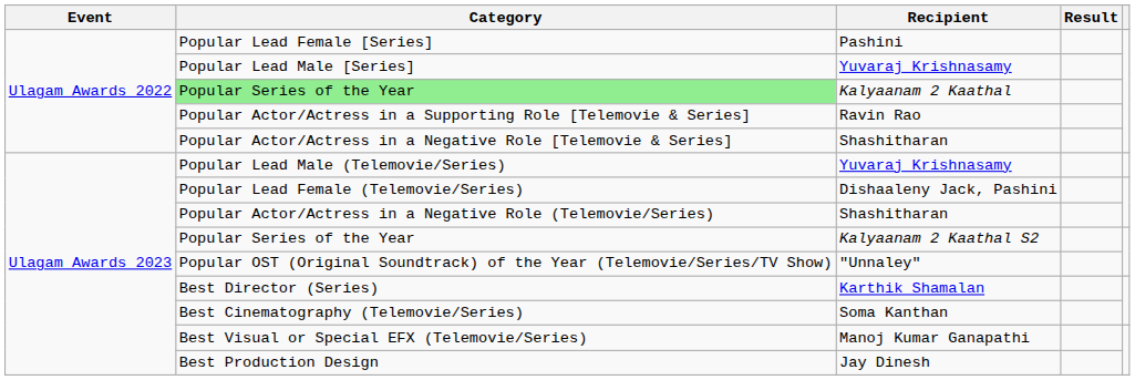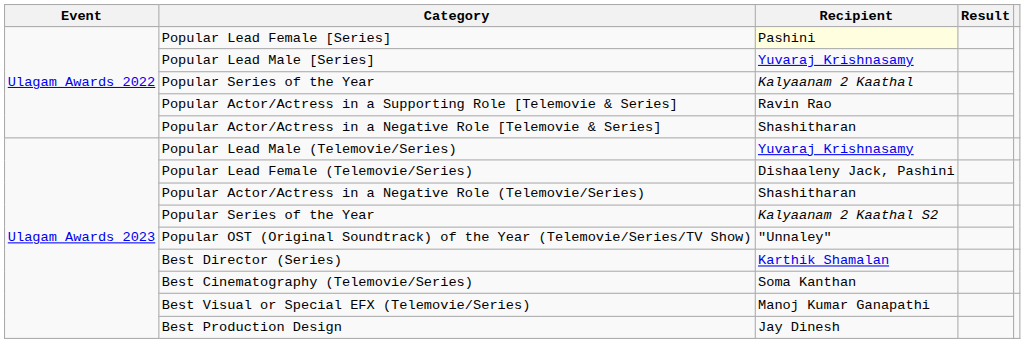 <table class="wikitable">
 <tr>
 <th>Event</th>
 <th>Category</th>
 <th>Recipient</th>
 <th>Result</th>
 <th></th>
 </tr>
 <tr>
 <td rowspan="5"><a href='#'>Ulagam Awards 2022</a></td>
 <td>Popular Lead Female [Series]</td>
-<td>Pashini</td>
+<td style="background: lightyellow;">Pashini</td>
 <td></td>
 <td rowspan="5"></td>
 </tr>
 <tr>
 <td>Popular Lead Male [Series]</td>
 <td><a href='#'>Yuvaraj Krishnasamy</a></td>
 <td></td>
 </tr>
 <tr>
-<td style="background: lightgreen;">Popular Series of the Year</td>
+<td>Popular Series of the Year</td>
 <td><em>Kalyaanam 2 Kaathal</em></td>
 <td></td>
 </tr>
 <tr>
 <td>Popular Actor/Actress in a Supporting Role [Telemovie & Series]</td>
 <td>Ravin Rao</td>
 <td></td>
 </tr>
 <tr>
 <td>Popular Actor/Actress in a Negative Role [Telemovie & Series]</td>
 <td>Shashitharan</td>
 <td></td>
 </tr>
 <tr>
 <td rowspan="10"><a href='#'>Ulagam Awards 2023</a></td>
 <td>Popular Lead Male (Telemovie/Series)</td>
 <td><a href='#'>Yuvaraj Krishnasamy</a></td>
 <td></td>
 <td></td>
 </tr>
 <tr>
 <td>Popular Lead Female (Telemovie/Series)</td>
 <td>Dishaaleny Jack, Pashini</td>
 <td></td>
 <td rowspan="2"></td>
 </tr>
 <tr>
 <td>Popular Actor/Actress in a Negative Role (Telemovie/Series)</td>
 <td>Shashitharan</td>
 <td></td>
 </tr>
 <tr>
 <td>Popular Series of the Year</td>
 <td><em>Kalyaanam 2 Kaathal S2</em></td>
 <td></td>
 <td rowspan="2"></td>
 </tr>
 <tr>
 <td>Popular OST (Original Soundtrack) of the Year (Telemovie/Series/TV Show)</td>
 <td>"Unnaley"</td>
 <td></td>
 </tr>
 <tr>
 <td>Best Director (Series)</td>
 <td><a href='#'>Karthik Shamalan</a></td>
 <td></td>
 <td rowspan="2"></td>
 </tr>
 <tr>
 <td>Best Cinematography (Telemovie/Series)</td>
 <td>Soma Kanthan</td>
 <td></td>
 </tr>
 <tr>
 <td>Best Visual or Special EFX (Telemovie/Series)</td>
 <td>Manoj Kumar Ganapathi</td>
 <td></td>
 <td rowspan="2"></td>
 </tr>
 <tr>
 <td>Best Production Design</td>
 <td>Jay Dinesh</td>
 <td></td>
 </tr>
 </table>
